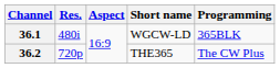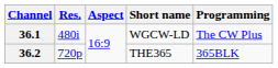 <table class="wikitable">
 <tr>
 <th scope = "col"><a href='#'>Channel</a></th>
 <th scope = "col"><a href='#'>Res.</a></th>
 <th scope = "col"><a href='#'>Aspect</a></th>
 <th scope = "col">Short name</th>
 <th scope = "col">Programming</th>
 </tr>
 <tr>
 <th scope = "row">36.1</th>
 <td><a href='#'>480i</a></td>
 <td rowspan=2><a href='#'>16:9</a></td>
 <td>WGCW-LD</td>
-<td><a href='#'>365BLK</a></td>
+<td><a href='#'>The CW Plus</a></td>
 </tr>
 <tr>
 <th scope = "row">36.2</th>
 <td><a href='#'>720p</a></td>
 <td>THE365</td>
-<td><a href='#'>The CW Plus</a></td>
+<td><a href='#'>365BLK</a></td>
 </tr>
 </table>
